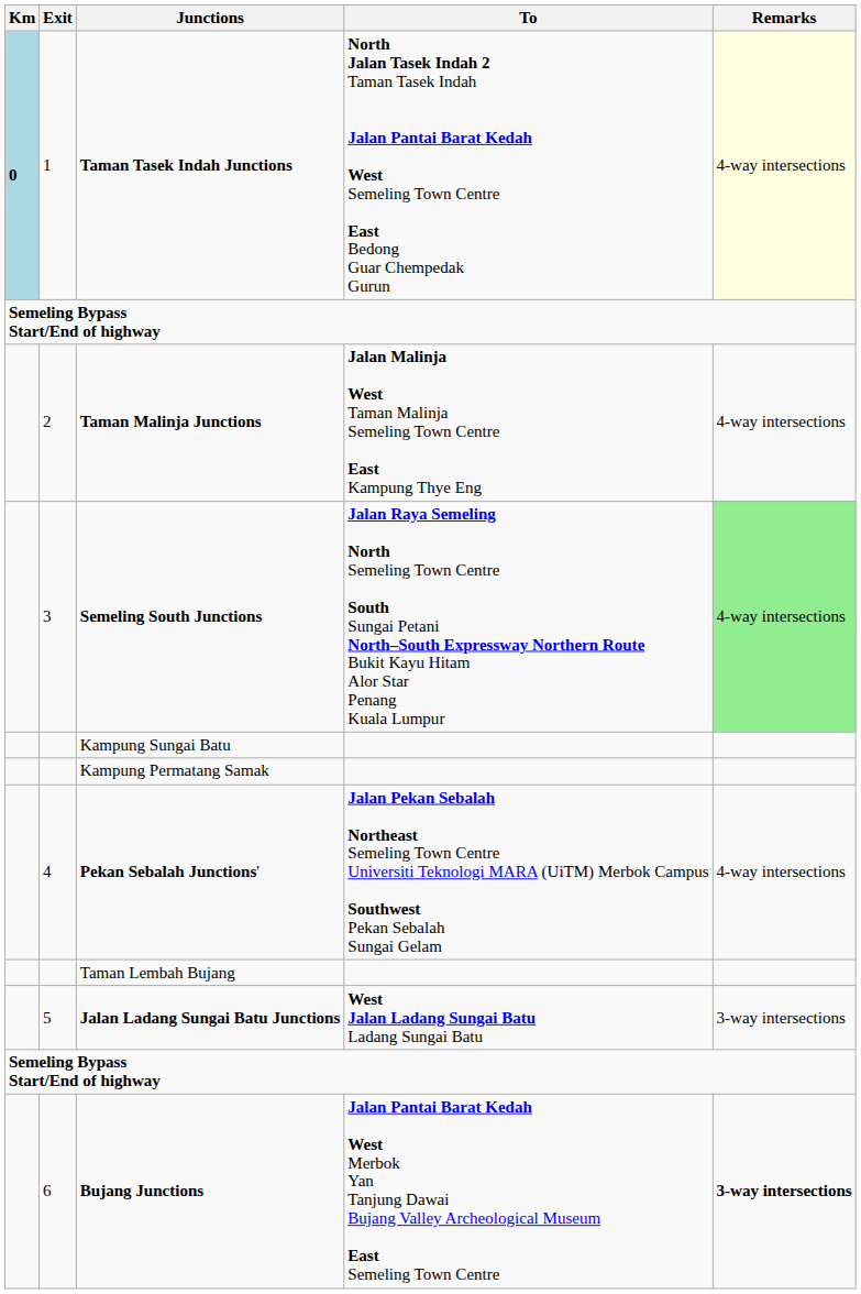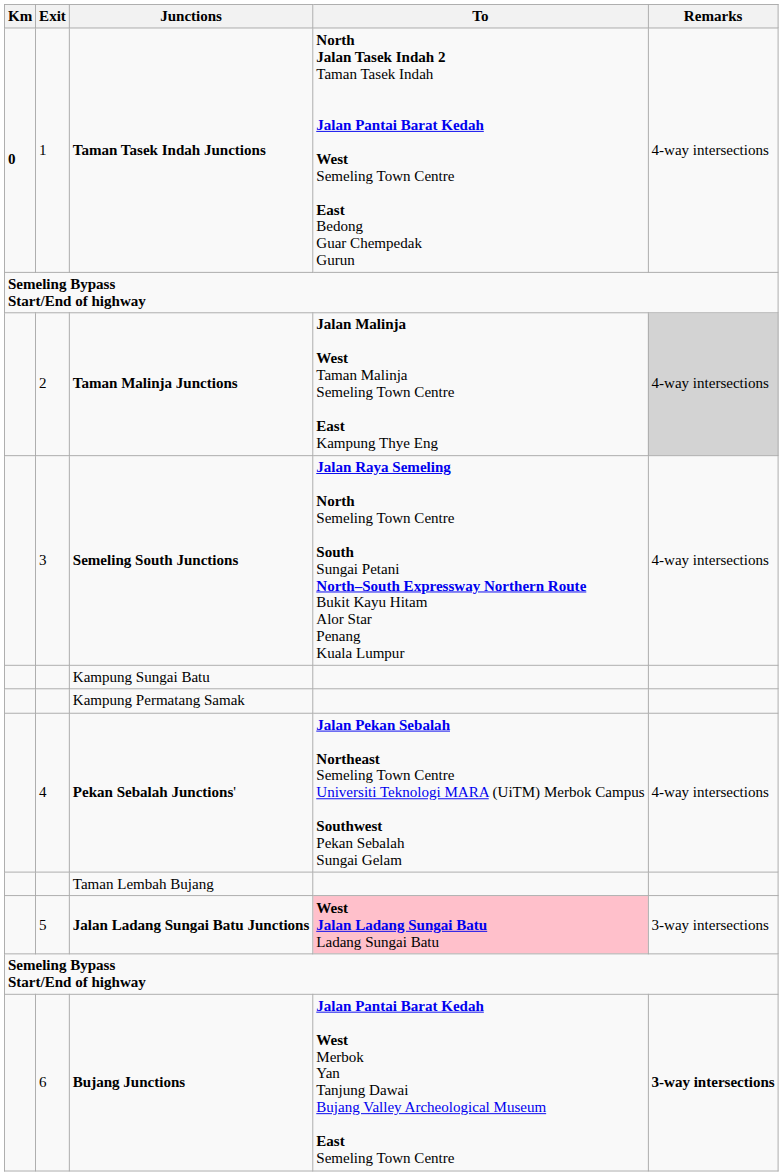 <table class="wikitable">
 <tr>
 <th>Km</th>
 <th>Exit</th>
 <th>Junctions</th>
 <th>To</th>
 <th>Remarks</th>
 </tr>
 <tr>
-<td style="background: lightblue;"><br><strong>0</strong></td>
+<td><br><strong>0</strong></td>
 <td>1</td>
 <td><strong>Taman Tasek Indah Junctions</strong></td>
 <td><strong>North</strong><br><strong>Jalan Tasek Indah 2</strong><br>Taman Tasek Indah<br><br><br> <strong><a href='#'>Jalan Pantai Barat Kedah</a></strong><br><br><strong>West</strong><br> Semeling Town Centre<br><br><strong>East</strong><br> Bedong<br> Guar Chempedak<br> Gurun</td>
-<td style="background: lightyellow;">4-way intersections</td>
+<td>4-way intersections</td>
 </tr>
 <tr>
 <td style="width:600px" colspan="6" style="text-align:center; background:blue;"><strong><span> Semeling Bypass<br>Start/End of highway</span></strong></td>
 </tr>
 <tr>
 <td></td>
 <td>2</td>
 <td><strong>Taman Malinja Junctions</strong></td>
 <td><strong>Jalan Malinja</strong><br><br><strong>West</strong><br>Taman Malinja<br>Semeling Town Centre<br><br><strong>East</strong><br>Kampung Thye Eng</td>
-<td>4-way intersections</td>
+<td style="background: lightgrey;">4-way intersections</td>
 </tr>
 <tr>
 <td></td>
 <td>3</td>
 <td><strong>Semeling South Junctions</strong></td>
 <td> <strong><a href='#'>Jalan Raya Semeling</a></strong><br><br><strong>North</strong><br> Semeling Town Centre<br><br><strong>South</strong><br> Sungai Petani<br>  <strong><a href='#'>North–South Expressway Northern Route</a></strong><br>Bukit Kayu Hitam<br>Alor Star<br>Penang<br>Kuala Lumpur</td>
-<td style="background: lightgreen;">4-way intersections</td>
+<td>4-way intersections</td>
 </tr>
 <tr>
 <td></td>
 <td></td>
 <td>Kampung Sungai Batu</td>
 <td></td>
 <td></td>
 </tr>
 <tr>
 <td></td>
 <td></td>
 <td>Kampung Permatang Samak</td>
 <td></td>
 <td></td>
 </tr>
 <tr>
 <td></td>
 <td>4</td>
 <td><strong>Pekan Sebalah Junctions</strong>'</td>
 <td> <strong><a href='#'>Jalan Pekan Sebalah</a></strong><br><br><strong>Northeast</strong><br>Semeling Town Centre<br><a href='#'>Universiti Teknologi MARA</a> (UiTM) Merbok Campus <br><br><strong>Southwest</strong><br>Pekan Sebalah<br>Sungai Gelam</td>
 <td>4-way intersections</td>
 </tr>
 <tr>
 <td></td>
 <td></td>
 <td>Taman Lembah Bujang</td>
 <td></td>
 <td></td>
 </tr>
 <tr>
 <td></td>
 <td>5</td>
 <td><strong>Jalan Ladang Sungai Batu Junctions</strong></td>
-<td><strong>West</strong><br> <strong><a href='#'>Jalan Ladang Sungai Batu</a></strong><br>Ladang Sungai Batu</td>
+<td style="background: pink;"><strong>West</strong><br> <strong><a href='#'>Jalan Ladang Sungai Batu</a></strong><br>Ladang Sungai Batu</td>
 <td>3-way intersections</td>
 </tr>
 <tr>
 <td style="width:600px" colspan="6" style="text-align:center; background:blue;"><strong><span> Semeling Bypass<br>Start/End of highway</span></strong></td>
 </tr>
 <tr>
 <td></td>
 <td>6</td>
 <td><strong>Bujang Junctions</strong></td>
 <td> <strong><a href='#'>Jalan Pantai Barat Kedah</a></strong><br><br><strong>West</strong><br> Merbok<br> Yan<br> Tanjung Dawai<br> <a href='#'>Bujang Valley Archeological Museum</a><br><br><strong>East</strong><br> Semeling Town Centre</td>
 <td><strong>3-way intersections</strong></td>
 </tr>
 </table>
